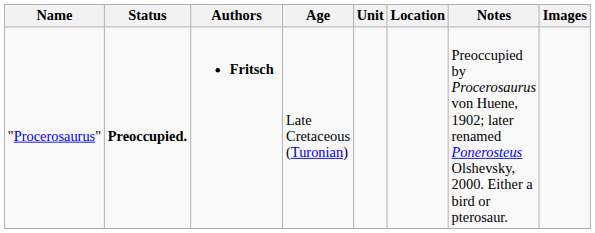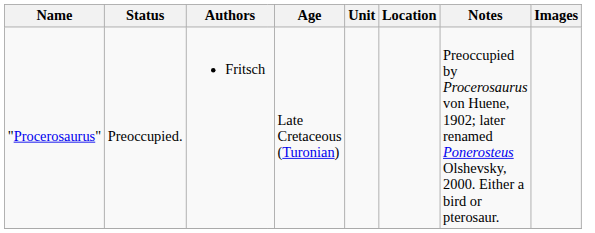 <table class="wikitable sortable" align="center" width="100%">
 <tr>
 <th>Name</th>
 <th>Status</th>
 <th colspan="2">Authors</th>
 <th>Age</th>
 <th>Unit</th>
 <th>Location</th>
 <th class="unsortable">Notes</th>
 <th class="unsortable">Images</th>
 </tr>
 <tr>
 <td><br>"<a href='#'>Procerosaurus</a>"</td>
-<td><strong><br>Preoccupied.</strong></td>
-<td style="border-right:0px" valign="top"><strong><br><ul><li>Fritsch</li></ul></strong></td>
+<td><br>Preoccupied.</td>
+<td style="border-right:0px" valign="top"><br><ul><li>Fritsch</li></ul></td>
 <td style="border-left:0px" valign="top"></td>
 <td><br>Late Cretaceous (<a href='#'>Turonian</a>)</td>
 <td></td>
 <td></td>
 <td><br>Preoccupied by <em>Procerosaurus</em> von Huene, 1902; later renamed <em><a href='#'>Ponerosteus</a></em> Olshevsky, 2000. Either a bird or pterosaur.</td>
 <td></td>
 </tr>
 <tr>
 </tr>
 </table>
